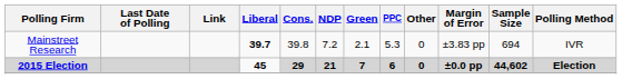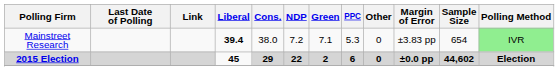 <table class="wikitable sortable" style="text-align:center;font-size:90%;line-height:14px;">
 <tr style="background:#e9e9e9;">
 <th style="width:120px">Polling Firm</th>
 <th style="width:110px">Last Date<br>of Polling</th>
 <th style="width:60px" class="unsortable">Link</th>
 <th style="background-color:"><strong><a href='#'>Liberal</a></strong></th>
 <th style="background-color:"><strong><a href='#'>Cons.</a></strong></th>
 <th style="background-color:"><strong><a href='#'>NDP</a></strong></th>
 <th style="background-color:"><strong><a href='#'>Green</a></strong></th>
 <th style="background-color:"><strong><small><a href='#'>PPC</a></small></strong></th>
 <th style="background-color:"><strong>Other</strong></th>
 <th style="width:60px;" class=unsortable>Margin<br>of Error</th>
 <th style="width:50px;" class=unsortable>Sample<br>Size</th>
 <th class=unsortable>Polling Method</th>
 </tr>
 <tr>
 <td><a href='#'>Mainstreet Research</a></td>
 <td></td>
 <td></td>
-<td><strong>39.7</strong></td>
-<td>39.8</td>
+<td><strong>39.4</strong></td>
+<td>38.0</td>
 <td>7.2</td>
-<td>2.1</td>
+<td>7.1</td>
 <td>5.3</td>
 <td>0</td>
 <td>±3.83 pp</td>
-<td>694</td>
-<td>IVR</td>
+<td>654</td>
+<td style="background: lightgreen;">IVR</td>
 </tr>
 <tr>
 <td style="background:#D5D5D5"><strong><a href='#'>2015 Election</a></strong></td>
 <td style="background:#D5D5D5"><strong></strong></td>
 <td style="background:#D5D5D5"></td>
 <td><strong>45</strong></td>
 <td style="background:#D5D5D5"><strong>29</strong></td>
-<td style="background:#D5D5D5"><strong>21</strong></td>
-<td style="background:#D5D5D5"><strong>7</strong></td>
+<td style="background:#D5D5D5"><strong>22</strong></td>
+<td style="background:#D5D5D5"><strong>2</strong></td>
 <td style="background:#D5D5D5"><strong>6</strong></td>
 <td style="background:#D5D5D5"><strong>0</strong></td>
 <td style="background:#D5D5D5"><strong>±0.0 pp</strong></td>
 <td style="background:#D5D5D5"><strong>44,602</strong></td>
 <td style="background:#D5D5D5"><strong>Election</strong></td>
 </tr>
 <tr>
 </tr>
 <tr>
 </tr>
 </table>
